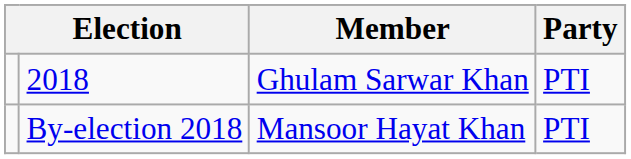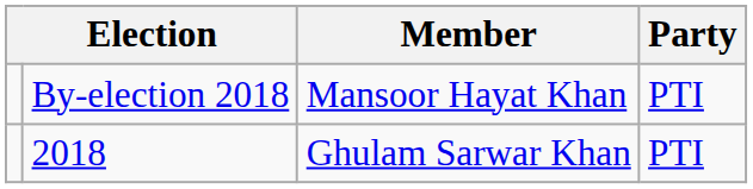 <table class="wikitable">
 <tr>
 <th colspan="2">Election</th>
 <th>Member</th>
 <th>Party</th>
 </tr>
 <tr>
 <td style="background-color: "></td>
+<td><a href='#'>By-election 2018</a></td>
+<td><a href='#'>Mansoor Hayat Khan</a></td>
+<td><a href='#'>PTI</a></td>
+</tr>
+<tr>
+<td style="background-color: "></td>
 <td><a href='#'>2018</a></td>
 <td><a href='#'>Ghulam Sarwar Khan</a></td>
 <td><a href='#'>PTI</a></td>
 </tr>
-<tr>
-<td style="background-color: "></td>
-<td><a href='#'>By-election 2018</a></td>
-<td><a href='#'>Mansoor Hayat Khan</a></td>
-<td><a href='#'>PTI</a></td>
-</tr>
 </table>
